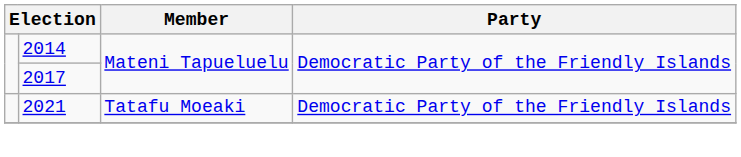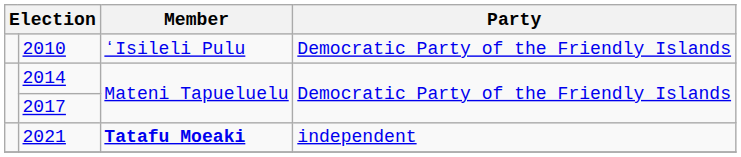 <table class="wikitable">
 <tr>
 <th colspan="2">Election</th>
 <th>Member</th>
 <th>Party</th>
+</tr>
+<tr>
+<td style="background-color: "></td>
+<td><a href='#'>2010</a></td>
+<td><a href='#'>ʻIsileli Pulu</a></td>
+<td><a href='#'>Democratic Party of the Friendly Islands</a></td>
 </tr>
 <tr>
 <td rowspan="2" style="background-color: "></td>
 <td><a href='#'>2014</a></td>
 <td rowspan="2"><a href='#'>Mateni Tapueluelu</a></td>
 <td rowspan="2"><a href='#'>Democratic Party of the Friendly Islands</a></td>
 </tr>
 <tr>
 <td><a href='#'>2017</a></td>
 </tr>
 <tr>
 <td style="background-color: "></td>
 <td><a href='#'>2021</a></td>
-<td><a href='#'>Tatafu Moeaki</a></td>
-<td><a href='#'>Democratic Party of the Friendly Islands</a></td>
+<td><strong><a href='#'>Tatafu Moeaki</a></strong></td>
+<td><a href='#'>independent</a></td>
 </tr>
 <tr>
 </tr>
 </table>
